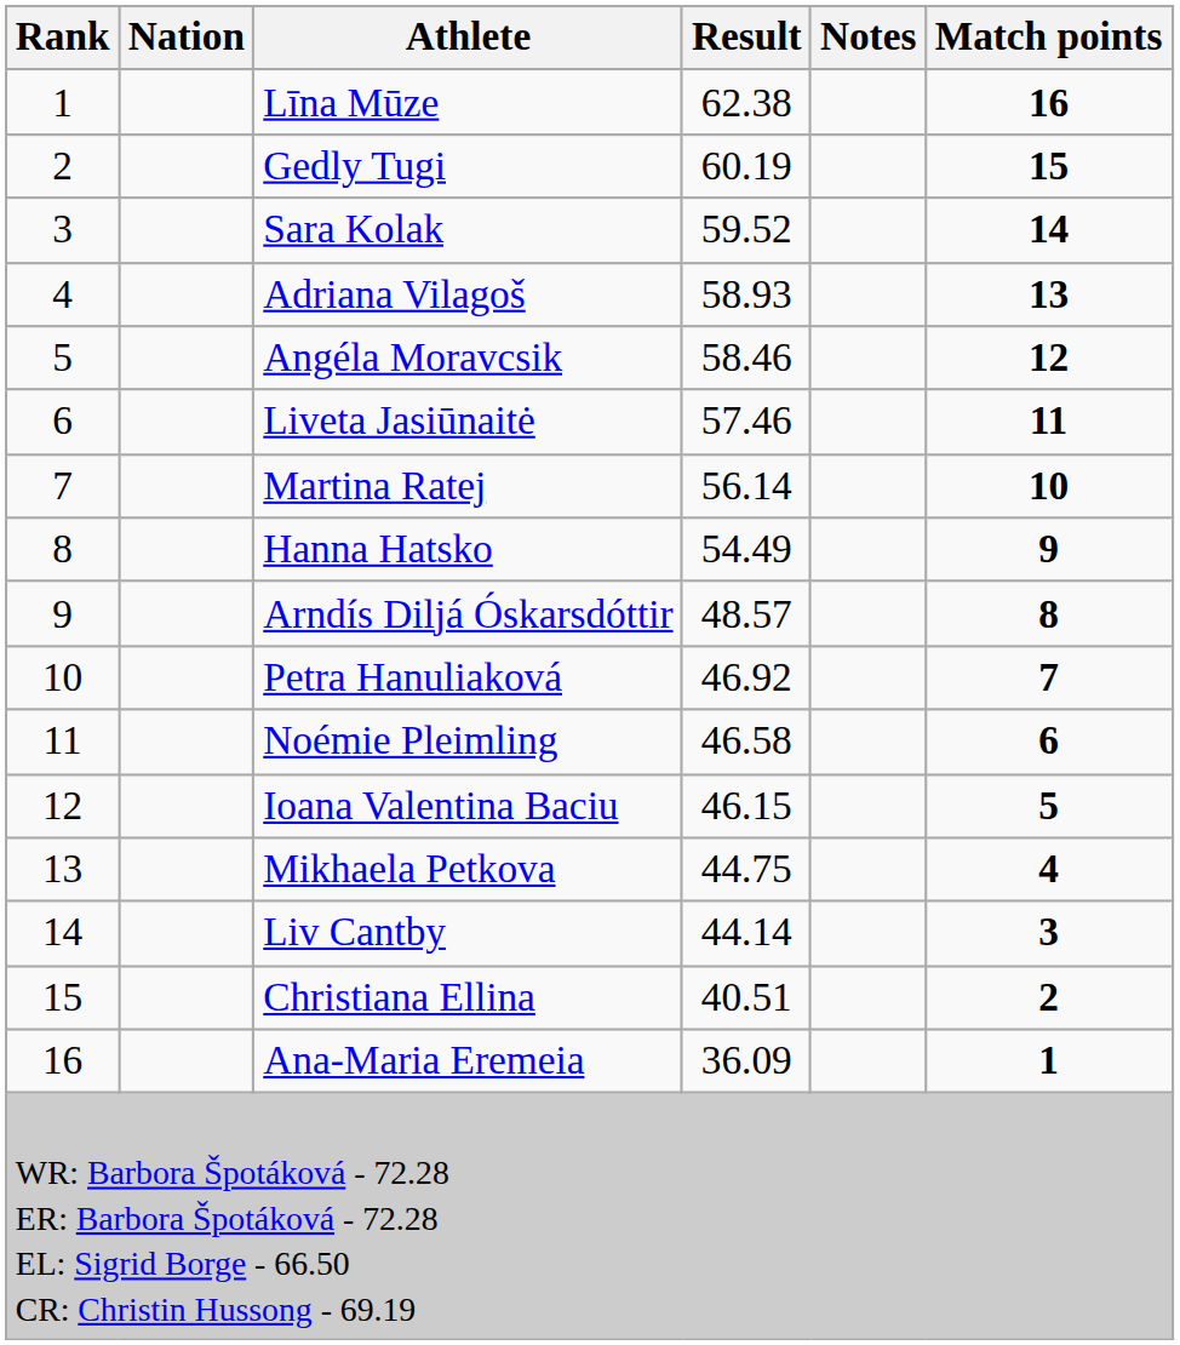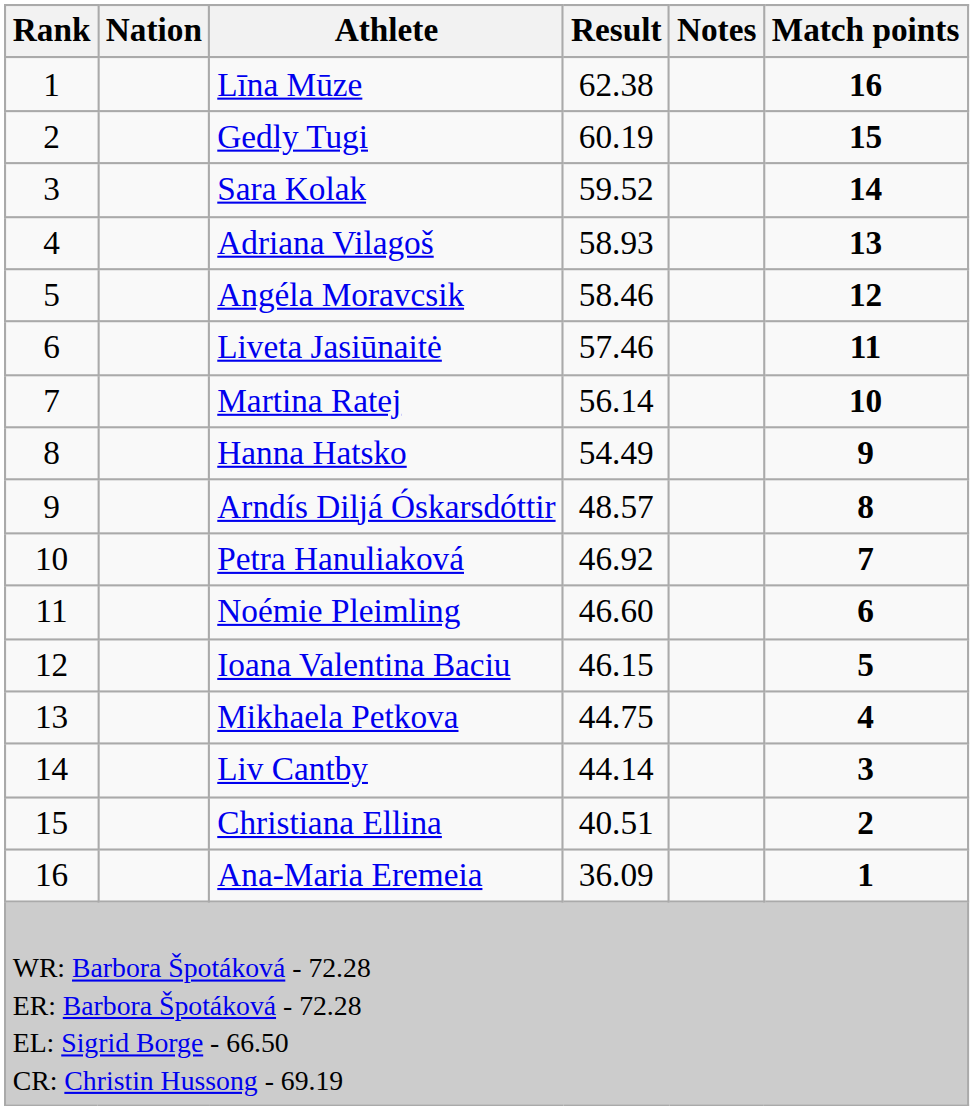 <table class="wikitable sortable" style="text-align:left;">
 <tr>
 <th>Rank</th>
 <th>Nation</th>
 <th>Athlete</th>
 <th>Result</th>
 <th>Notes</th>
 <th>Match points</th>
 </tr>
 <tr>
 <td align=center>1</td>
 <td></td>
 <td><a href='#'>Līna Mūze</a></td>
 <td align=center>62.38</td>
 <td></td>
 <td align=center><strong>16</strong></td>
 </tr>
 <tr>
 <td align=center>2</td>
 <td></td>
 <td><a href='#'>Gedly Tugi</a></td>
 <td align=center>60.19</td>
 <td align=center></td>
 <td align=center><strong>15</strong></td>
 </tr>
 <tr>
 <td align=center>3</td>
 <td></td>
 <td><a href='#'>Sara Kolak</a></td>
 <td align=center>59.52</td>
 <td align=center></td>
 <td align=center><strong>14</strong></td>
 </tr>
 <tr>
 <td align=center>4</td>
 <td></td>
 <td><a href='#'>Adriana Vilagoš</a></td>
 <td align=center>58.93</td>
 <td></td>
 <td align=center><strong>13</strong></td>
 </tr>
 <tr>
 <td align=center>5</td>
 <td></td>
 <td><a href='#'>Angéla Moravcsik</a></td>
 <td align=center>58.46</td>
 <td></td>
 <td align=center><strong>12</strong></td>
 </tr>
 <tr>
 <td align=center>6</td>
 <td></td>
 <td><a href='#'>Liveta Jasiūnaitė</a></td>
 <td align=center>57.46</td>
 <td></td>
 <td align=center><strong>11</strong></td>
 </tr>
 <tr>
 <td align=center>7</td>
 <td></td>
 <td><a href='#'>Martina Ratej</a></td>
 <td align=center>56.14</td>
 <td></td>
 <td align=center><strong>10</strong></td>
 </tr>
 <tr>
 <td align=center>8</td>
 <td></td>
 <td><a href='#'>Hanna Hatsko</a></td>
 <td align=center>54.49</td>
 <td></td>
 <td align=center><strong>9</strong></td>
 </tr>
 <tr>
 <td align=center>9</td>
 <td></td>
 <td><a href='#'>Arndís Diljá Óskarsdóttir</a></td>
 <td align=center>48.57</td>
 <td align=center></td>
 <td align=center><strong>8</strong></td>
 </tr>
 <tr>
 <td align=center>10</td>
 <td></td>
 <td><a href='#'>Petra Hanuliaková</a></td>
 <td align=center>46.92</td>
 <td></td>
 <td align=center><strong>7</strong></td>
 </tr>
 <tr>
 <td align=center>11</td>
 <td></td>
 <td><a href='#'>Noémie Pleimling</a></td>
-<td align=center>46.58</td>
+<td align=center>46.60</td>
 <td></td>
 <td align=center><strong>6</strong></td>
 </tr>
 <tr>
 <td align=center>12</td>
 <td></td>
 <td><a href='#'>Ioana Valentina Baciu</a></td>
 <td align=center>46.15</td>
 <td></td>
 <td align=center><strong>5</strong></td>
 </tr>
 <tr>
 <td align=center>13</td>
 <td></td>
 <td><a href='#'>Mikhaela Petkova</a></td>
 <td align=center>44.75</td>
 <td></td>
 <td align=center><strong>4</strong></td>
 </tr>
 <tr>
 <td align=center>14</td>
 <td></td>
 <td><a href='#'>Liv Cantby</a></td>
 <td align=center>44.14</td>
 <td></td>
 <td align=center><strong>3</strong></td>
 </tr>
 <tr>
 <td align=center>15</td>
 <td></td>
 <td><a href='#'>Christiana Ellina</a></td>
 <td align=center>40.51</td>
 <td></td>
 <td align=center><strong>2</strong></td>
 </tr>
 <tr>
 <td align=center>16</td>
 <td></td>
 <td><a href='#'>Ana-Maria Eremeia</a></td>
 <td align=center>36.09</td>
 <td align=center></td>
 <td align=center><strong>1</strong></td>
 </tr>
 <tr>
 <td colspan=7 bgcolor="#cccccc"><br> <small>WR:  <a href='#'>Barbora Špotáková</a> - 72.28<br>ER:  <a href='#'>Barbora Špotáková</a> - 72.28<br></small> <small>EL:  <a href='#'>Sigrid Borge</a> - 66.50<br>CR:  <a href='#'>Christin Hussong</a> - 69.19</small></td>
 </tr>
 </table>
